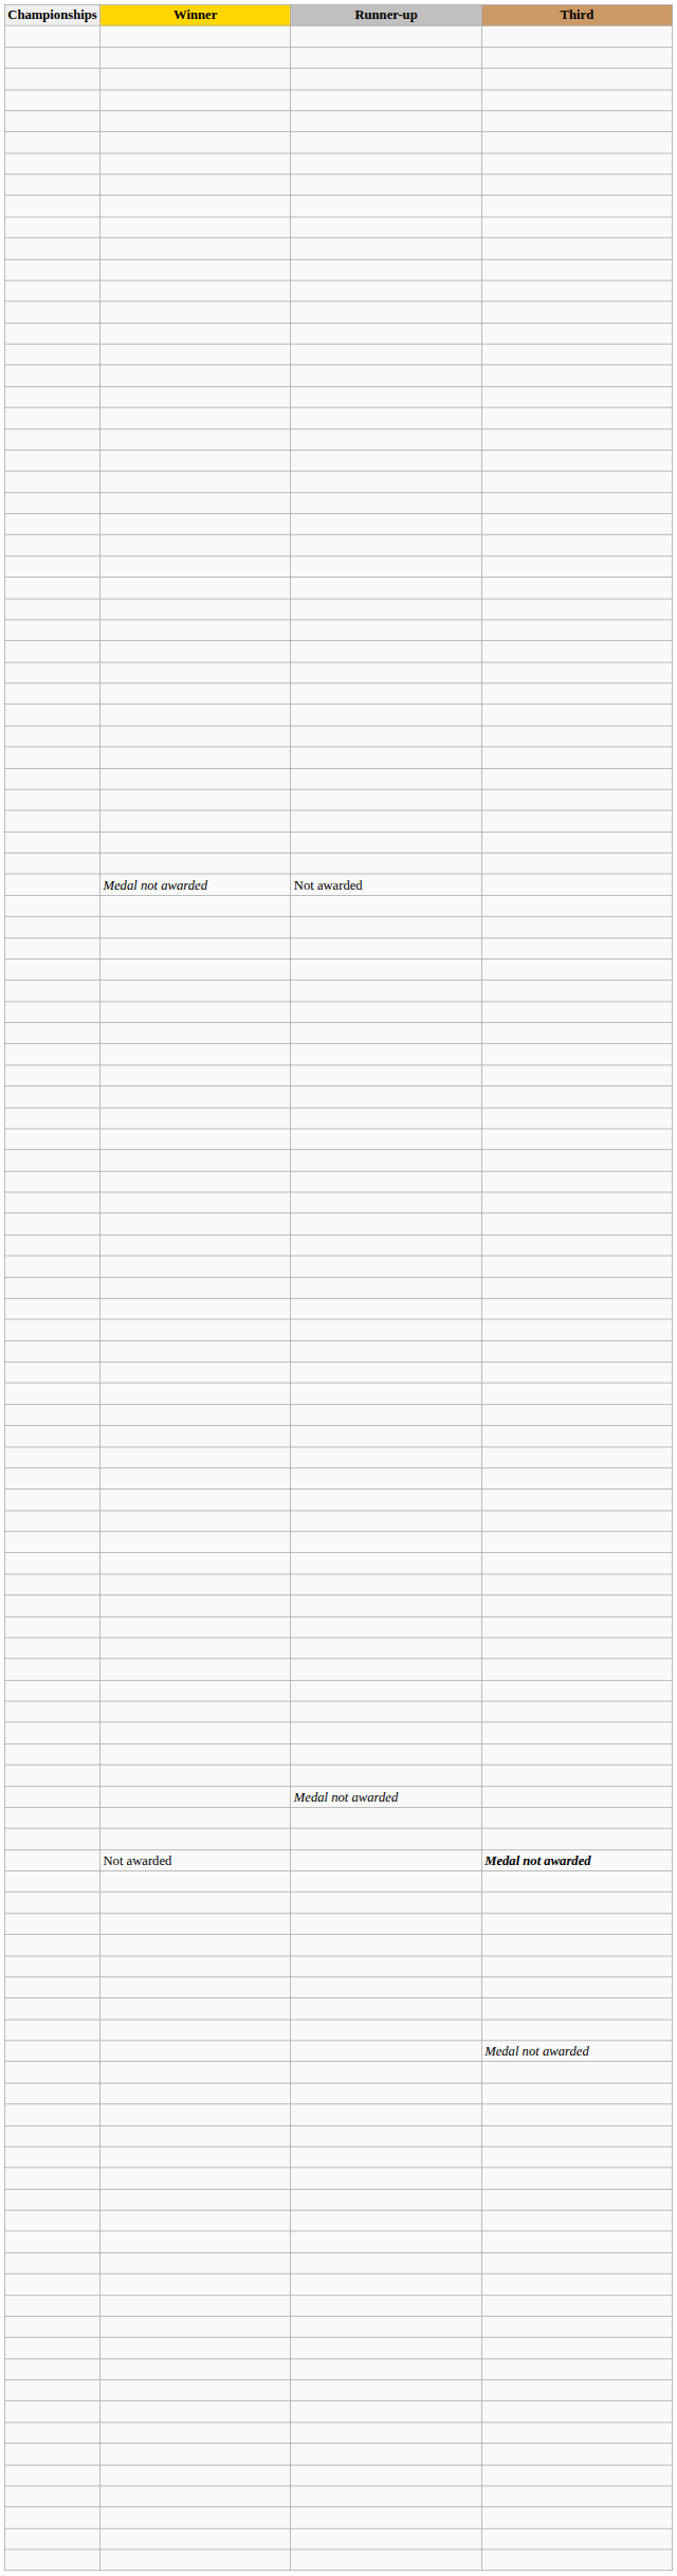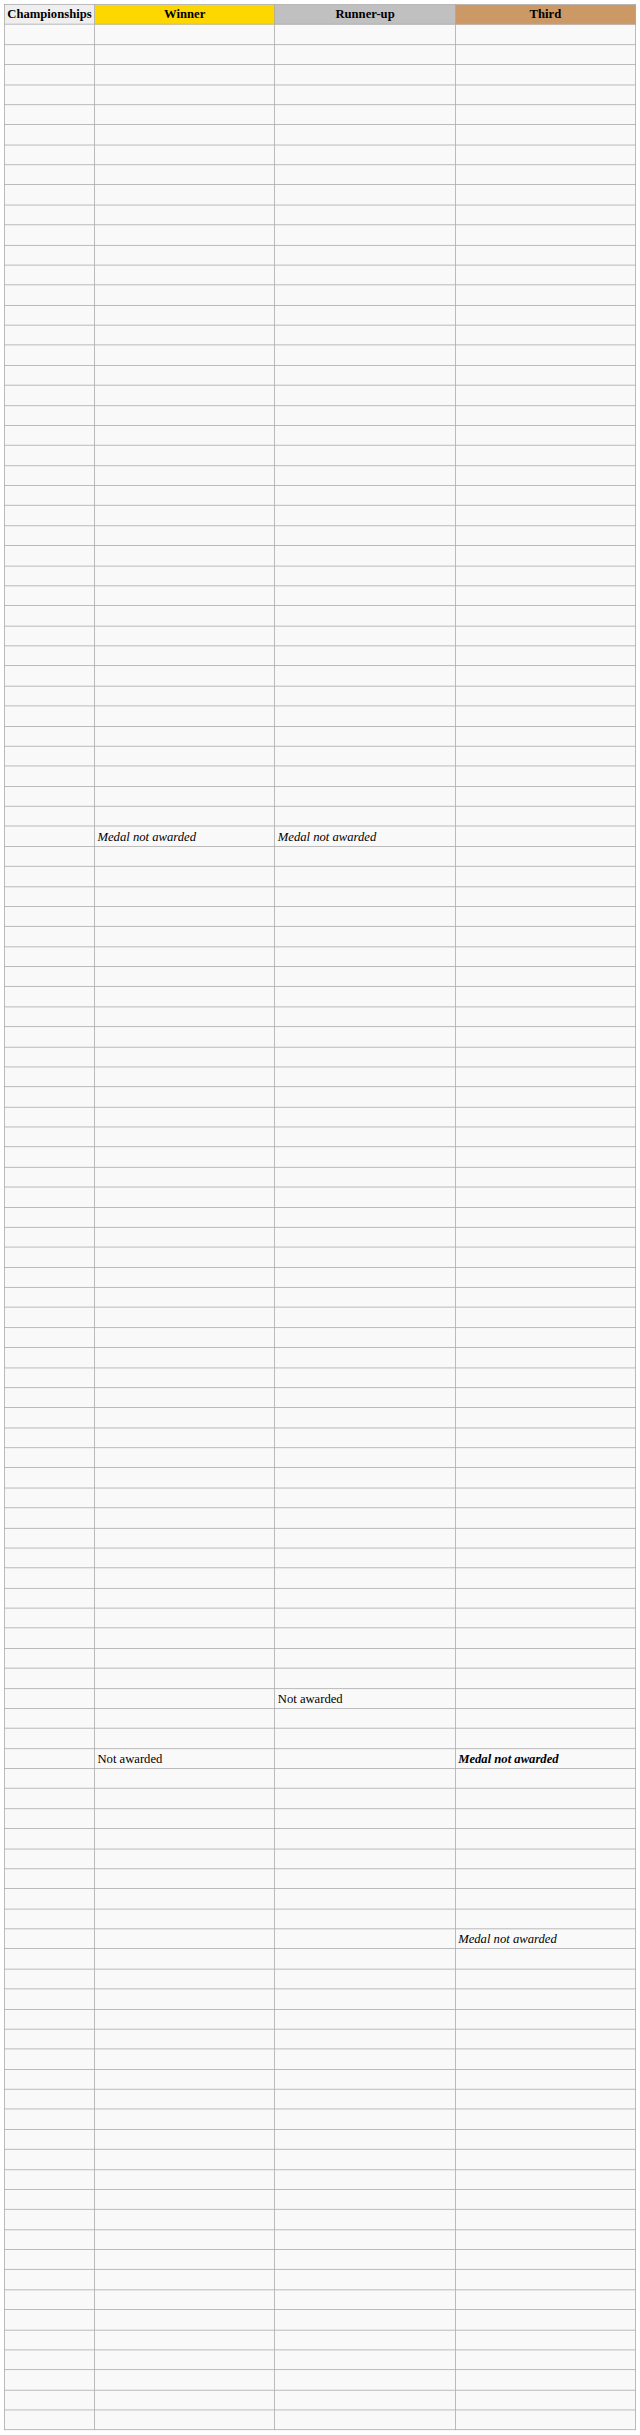 <table class="wikitable sortable" style="width:800px;">
 <tr>
 <th style="width:10%; background:#efefef;">Championships</th>
 <th style="width:30%; background:gold">Winner</th>
 <th style="width:30%; background:silver">Runner-up</th>
 <th style="width:30%; background:#CC9966">Third</th>
 </tr>
 <tr>
 <td><br></td>
 <td></td>
 <td></td>
 <td></td>
 </tr>
 <tr>
 <td> <br></td>
 <td></td>
 <td></td>
 <td></td>
 </tr>
 <tr>
 <td><br></td>
 <td></td>
 <td></td>
 <td></td>
 </tr>
 <tr>
 <td><br></td>
 <td></td>
 <td></td>
 <td></td>
 </tr>
 <tr>
 <td><br></td>
 <td></td>
 <td></td>
 <td></td>
 </tr>
 <tr>
 <td><br></td>
 <td></td>
 <td></td>
 <td></td>
 </tr>
 <tr>
 <td><br></td>
 <td></td>
 <td></td>
 <td></td>
 </tr>
 <tr>
 <td><br></td>
 <td></td>
 <td></td>
 <td></td>
 </tr>
 <tr>
 <td><br></td>
 <td></td>
 <td></td>
 <td></td>
 </tr>
 <tr>
 <td><br></td>
 <td></td>
 <td></td>
 <td></td>
 </tr>
 <tr>
 <td><br></td>
 <td></td>
 <td></td>
 <td></td>
 </tr>
 <tr>
 <td><br></td>
 <td></td>
 <td></td>
 <td></td>
 </tr>
 <tr>
 <td><br></td>
 <td></td>
 <td></td>
 <td></td>
 </tr>
 <tr>
 <td><br></td>
 <td></td>
 <td></td>
 <td></td>
 </tr>
 <tr>
 <td><br></td>
 <td></td>
 <td></td>
 <td></td>
 </tr>
 <tr>
 <td><br></td>
 <td></td>
 <td></td>
 <td></td>
 </tr>
 <tr>
 <td><br></td>
 <td></td>
 <td></td>
 <td></td>
 </tr>
 <tr>
 <td><br></td>
 <td></td>
 <td></td>
 <td></td>
 </tr>
 <tr>
 <td><br></td>
 <td></td>
 <td></td>
 <td></td>
 </tr>
 <tr>
 <td><br></td>
 <td></td>
 <td></td>
 <td></td>
 </tr>
 <tr>
 <td><br></td>
 <td></td>
 <td></td>
 <td></td>
 </tr>
 <tr>
 <td><br></td>
 <td></td>
 <td></td>
 <td></td>
 </tr>
 <tr>
 <td><br></td>
 <td></td>
 <td></td>
 <td></td>
 </tr>
 <tr>
 <td><br></td>
 <td></td>
 <td></td>
 <td></td>
 </tr>
 <tr>
 <td><br></td>
 <td></td>
 <td></td>
 <td></td>
 </tr>
 <tr>
 <td><br></td>
 <td></td>
 <td></td>
 <td></td>
 </tr>
 <tr>
 <td><br></td>
 <td></td>
 <td></td>
 <td></td>
 </tr>
 <tr>
 <td><br></td>
 <td></td>
 <td></td>
 <td></td>
 </tr>
 <tr>
 <td><br></td>
 <td></td>
 <td></td>
 <td></td>
 </tr>
 <tr>
 <td><br></td>
 <td></td>
 <td></td>
 <td></td>
 </tr>
 <tr>
 <td><br></td>
 <td></td>
 <td></td>
 <td></td>
 </tr>
 <tr>
 <td><br></td>
 <td></td>
 <td></td>
 <td></td>
 </tr>
 <tr>
 <td><br></td>
 <td></td>
 <td></td>
 <td></td>
 </tr>
 <tr>
 <td><br></td>
 <td></td>
 <td></td>
 <td></td>
 </tr>
 <tr>
 <td><br></td>
 <td></td>
 <td></td>
 <td></td>
 </tr>
 <tr>
 <td><br></td>
 <td></td>
 <td></td>
 <td></td>
 </tr>
 <tr>
 <td><br></td>
 <td></td>
 <td></td>
 <td></td>
 </tr>
 <tr>
 <td><br></td>
 <td></td>
 <td></td>
 <td></td>
 </tr>
 <tr>
 <td><br></td>
 <td></td>
 <td></td>
 <td></td>
 </tr>
 <tr>
 <td><br></td>
 <td></td>
 <td></td>
 <td></td>
 </tr>
 <tr>
 <td><br></td>
 <td><em>Medal not awarded</em></td>
-<td>Not awarded</td>
+<td><em>Medal not awarded</em></td>
 <td></td>
 </tr>
 <tr>
 <td><br></td>
 <td></td>
 <td></td>
 <td></td>
 </tr>
 <tr>
 <td><br></td>
 <td></td>
 <td></td>
 <td></td>
 </tr>
 <tr>
 <td><br></td>
 <td></td>
 <td></td>
 <td></td>
 </tr>
 <tr>
 <td><br></td>
 <td></td>
 <td></td>
 <td></td>
 </tr>
 <tr>
 <td><br></td>
 <td></td>
 <td></td>
 <td></td>
 </tr>
 <tr>
 <td><br></td>
 <td></td>
 <td></td>
 <td></td>
 </tr>
 <tr>
 <td><br></td>
 <td></td>
 <td></td>
 <td></td>
 </tr>
 <tr>
 <td><br></td>
 <td></td>
 <td></td>
 <td></td>
 </tr>
 <tr>
 <td><br></td>
 <td></td>
 <td></td>
 <td></td>
 </tr>
 <tr>
 <td><br></td>
 <td></td>
 <td></td>
 <td></td>
 </tr>
 <tr>
 <td><br></td>
 <td></td>
 <td></td>
 <td></td>
 </tr>
 <tr>
 <td><br></td>
 <td></td>
 <td></td>
 <td></td>
 </tr>
 <tr>
 <td><br></td>
 <td></td>
 <td></td>
 <td></td>
 </tr>
 <tr>
 <td><br></td>
 <td></td>
 <td></td>
 <td></td>
 </tr>
 <tr>
 <td><br></td>
 <td></td>
 <td></td>
 <td></td>
 </tr>
 <tr>
 <td><br></td>
 <td></td>
 <td></td>
 <td></td>
 </tr>
 <tr>
 <td><br></td>
 <td></td>
 <td></td>
 <td></td>
 </tr>
 <tr>
 <td><br></td>
 <td></td>
 <td></td>
 <td></td>
 </tr>
 <tr>
 <td><br></td>
 <td></td>
 <td></td>
 <td></td>
 </tr>
 <tr>
 <td><br></td>
 <td></td>
 <td></td>
 <td></td>
 </tr>
 <tr>
 <td><br></td>
 <td></td>
 <td></td>
 <td></td>
 </tr>
 <tr>
 <td><br></td>
 <td></td>
 <td></td>
 <td></td>
 </tr>
 <tr>
 <td><br></td>
 <td></td>
 <td></td>
 <td></td>
 </tr>
 <tr>
 <td><br></td>
 <td></td>
 <td></td>
 <td></td>
 </tr>
 <tr>
 <td><br></td>
 <td></td>
 <td></td>
 <td></td>
 </tr>
 <tr>
 <td><br></td>
 <td></td>
 <td></td>
 <td></td>
 </tr>
 <tr>
 <td><br></td>
 <td></td>
 <td></td>
 <td></td>
 </tr>
 <tr>
 <td><br></td>
 <td></td>
 <td></td>
 <td></td>
 </tr>
 <tr>
 <td><br></td>
 <td></td>
 <td></td>
 <td></td>
 </tr>
 <tr>
 <td><br></td>
 <td></td>
 <td></td>
 <td></td>
 </tr>
 <tr>
 <td><br></td>
 <td></td>
 <td></td>
 <td></td>
 </tr>
 <tr>
 <td><br></td>
 <td></td>
 <td></td>
 <td></td>
 </tr>
 <tr>
 <td><br></td>
 <td></td>
 <td></td>
 <td></td>
 </tr>
 <tr>
 <td><br></td>
 <td></td>
 <td></td>
 <td></td>
 </tr>
 <tr>
 <td><br></td>
 <td></td>
 <td></td>
 <td></td>
 </tr>
 <tr>
 <td><br></td>
 <td></td>
 <td></td>
 <td></td>
 </tr>
 <tr>
 <td><br></td>
 <td></td>
 <td></td>
 <td></td>
 </tr>
 <tr>
 <td><br></td>
 <td></td>
 <td></td>
 <td></td>
 </tr>
 <tr>
 <td><br></td>
 <td></td>
 <td></td>
 <td></td>
 </tr>
 <tr>
 <td><br></td>
 <td></td>
 <td></td>
 <td></td>
 </tr>
 <tr>
 <td><br></td>
 <td></td>
 <td></td>
 <td></td>
 </tr>
 <tr>
 <td><br></td>
 <td></td>
 <td></td>
 <td></td>
 </tr>
 <tr>
 <td><br></td>
 <td></td>
-<td><em>Medal not awarded</em></td>
+<td>Not awarded</td>
 <td></td>
 </tr>
 <tr>
 <td><br></td>
 <td></td>
 <td></td>
 <td></td>
 </tr>
 <tr>
 <td><br></td>
 <td></td>
 <td></td>
 <td></td>
 </tr>
 <tr>
 <td><br></td>
 <td>Not awarded</td>
 <td></td>
 <td><strong><em>Medal not awarded</em> </strong></td>
 </tr>
 <tr>
 <td><br></td>
 <td></td>
 <td></td>
 <td></td>
 </tr>
 <tr>
 <td><br></td>
 <td></td>
 <td></td>
 <td></td>
 </tr>
 <tr>
 <td><br></td>
 <td></td>
 <td></td>
 <td></td>
 </tr>
 <tr>
 <td><br></td>
 <td></td>
 <td></td>
 <td></td>
 </tr>
 <tr>
 <td><br></td>
 <td></td>
 <td></td>
 <td></td>
 </tr>
 <tr>
 <td><br></td>
 <td></td>
 <td></td>
 <td></td>
 </tr>
 <tr>
 <td><br></td>
 <td></td>
 <td></td>
 <td></td>
 </tr>
 <tr>
 <td><br></td>
 <td></td>
 <td></td>
 <td></td>
 </tr>
 <tr>
 <td><br></td>
 <td></td>
 <td></td>
 <td><em>Medal not awarded</em></td>
 </tr>
 <tr>
 <td><br></td>
 <td></td>
 <td></td>
 <td></td>
 </tr>
 <tr>
 <td><br></td>
 <td></td>
 <td></td>
 <td></td>
 </tr>
 <tr>
 <td><br></td>
 <td></td>
 <td></td>
 <td></td>
 </tr>
 <tr>
 <td><br></td>
 <td></td>
 <td></td>
 <td></td>
 </tr>
 <tr>
 <td><br></td>
 <td></td>
 <td></td>
 <td></td>
 </tr>
 <tr>
 <td><br></td>
 <td></td>
 <td></td>
 <td></td>
 </tr>
 <tr>
 <td><br></td>
 <td></td>
 <td></td>
 <td></td>
 </tr>
 <tr>
 <td><br></td>
 <td></td>
 <td></td>
 <td></td>
 </tr>
 <tr>
 <td> <br></td>
 <td></td>
 <td></td>
 <td></td>
 </tr>
 <tr>
 <td> <br></td>
 <td></td>
 <td></td>
 <td></td>
 </tr>
 <tr>
 <td> <br></td>
 <td></td>
 <td></td>
 <td></td>
 </tr>
 <tr>
 <td><br></td>
 <td></td>
 <td></td>
 <td></td>
 </tr>
 <tr>
 <td><br></td>
 <td></td>
 <td></td>
 <td></td>
 </tr>
 <tr>
 <td><br></td>
 <td></td>
 <td></td>
 <td></td>
 </tr>
 <tr>
 <td><br></td>
 <td></td>
 <td></td>
 <td></td>
 </tr>
 <tr>
 <td><br></td>
 <td></td>
 <td></td>
 <td></td>
 </tr>
 <tr>
 <td><br></td>
 <td></td>
 <td></td>
 <td></td>
 </tr>
 <tr>
 <td><br></td>
 <td></td>
 <td></td>
 <td></td>
 </tr>
 <tr>
 <td><br></td>
 <td></td>
 <td></td>
 <td></td>
 </tr>
 <tr>
 <td><br></td>
 <td></td>
 <td></td>
 <td></td>
 </tr>
 <tr>
 <td><br></td>
 <td></td>
 <td></td>
 <td></td>
 </tr>
 <tr>
 <td><br></td>
 <td></td>
 <td></td>
 <td></td>
 </tr>
 <tr>
 <td><br></td>
 <td></td>
 <td></td>
 <td></td>
 </tr>
 <tr>
 <td><br></td>
 <td></td>
 <td></td>
 <td></td>
 </tr>
 </table>
